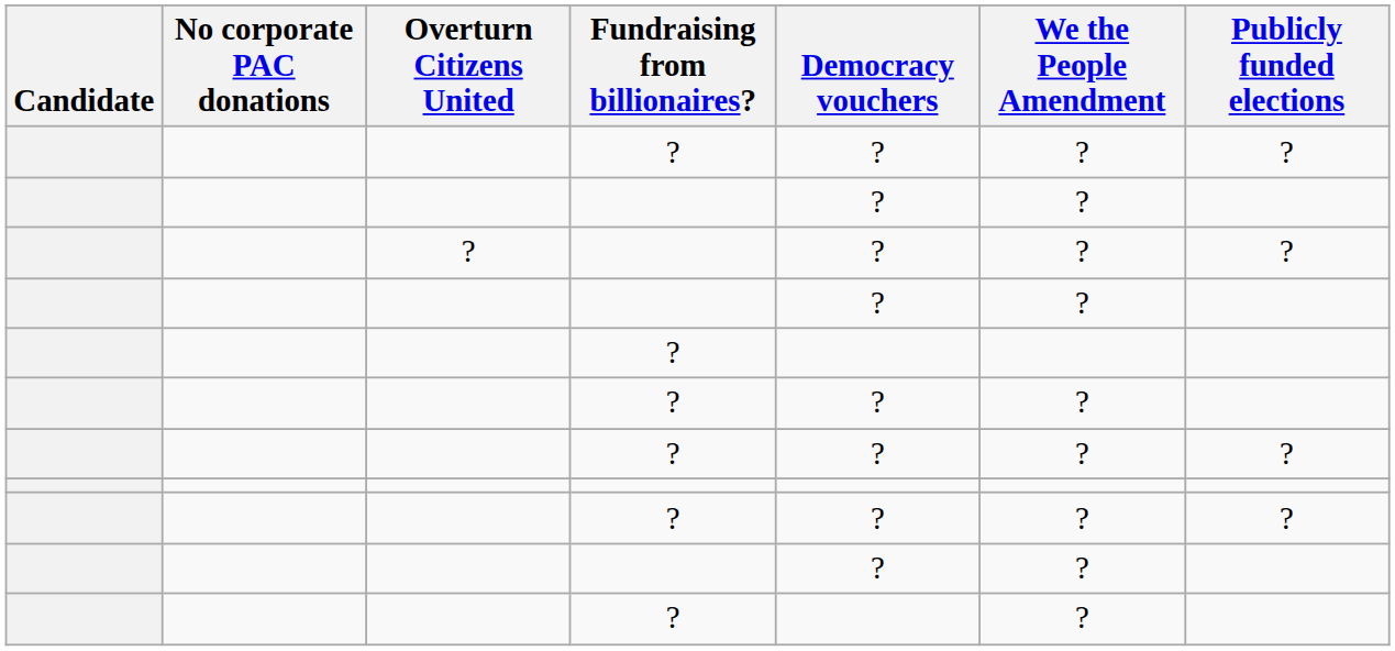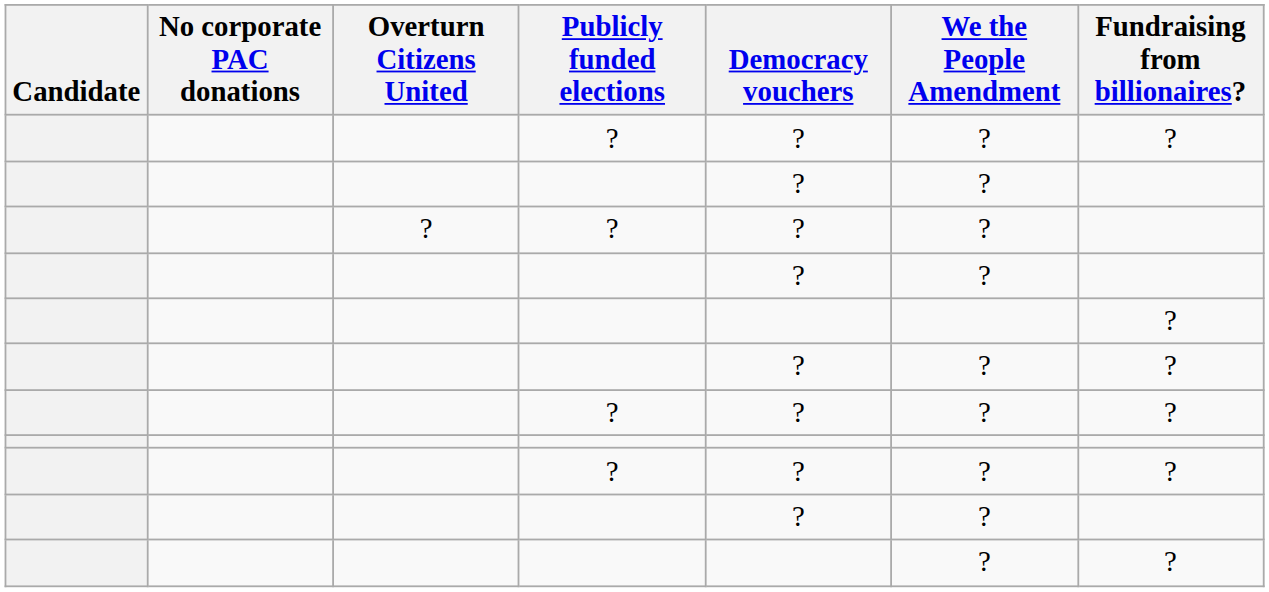 <table class="wikitable sortable" style=margin:auto;table-layout:fixed;text-align:center>
 <tr valign=bottom>
 <th>Candidate</th>
 <th style=max-width:6em>No corporate <a href='#'>PAC</a> donations</th>
 <th style=max-width:6em>Overturn <a href='#'>Citizens United</a></th>
-<th style=max-width:6em>Fundraising from <a href='#'>billionaires</a>?</th>
+<th style=max-width:6em><a href='#'>Publicly funded elections</a></th>
 <th style=max-width:6em><a href='#'>Democracy vouchers</a></th>
 <th style=max-width:6em><a href='#'>We the People Amendment</a></th>
-<th style=max-width:6em><a href='#'>Publicly funded elections</a></th>
+<th style=max-width:6em>Fundraising from <a href='#'>billionaires</a>?</th>
 </tr>
 <tr>
 <th></th>
 <td></td>
 <td></td>
 <td>?</td>
 <td>?</td>
 <td>?</td>
 <td>?</td>
 </tr>
 <tr>
 <th></th>
 <td></td>
 <td></td>
 <td></td>
 <td>?</td>
 <td>?</td>
 <td></td>
 </tr>
 <tr>
 <th></th>
 <td></td>
 <td>?</td>
-<td></td>
 <td>?</td>
 <td>?</td>
 <td>?</td>
+<td></td>
 </tr>
 <tr>
 <th></th>
 <td></td>
 <td></td>
 <td></td>
 <td>?</td>
 <td>?</td>
 <td></td>
 </tr>
 <tr>
 <th></th>
 <td></td>
 <td></td>
-<td>?</td>
 <td></td>
 <td></td>
 <td></td>
+<td>?</td>
 </tr>
 <tr>
 <th></th>
 <td></td>
 <td></td>
+<td></td>
 <td>?</td>
 <td>?</td>
 <td>?</td>
-<td></td>
 </tr>
 <tr>
 <th></th>
 <td></td>
 <td></td>
 <td>?</td>
 <td>?</td>
 <td>?</td>
 <td>?</td>
 </tr>
 <tr>
 <th></th>
 <td></td>
 <td></td>
 <td></td>
 <td></td>
 <td></td>
 <td></td>
 </tr>
 <tr>
 <th></th>
 <td></td>
 <td></td>
 <td>?</td>
 <td>?</td>
 <td>?</td>
 <td>?</td>
 </tr>
 <tr>
 <th></th>
 <td></td>
 <td></td>
 <td></td>
 <td>?</td>
 <td>?</td>
 <td></td>
 </tr>
 <tr>
 <th></th>
 <td></td>
 <td></td>
-<td>?</td>
+<td></td>
 <td></td>
 <td>?</td>
-<td></td>
+<td>?</td>
 </tr>
 </table>
